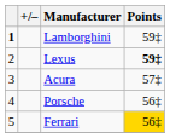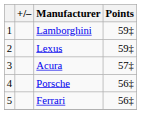 <table class="wikitable" style="font-size: 95%;">
 <tr>
 <th scope="col"></th>
 <th scope="col">+/–</th>
 <th scope="col">Manufacturer</th>
 <th scope="col">Points</th>
 </tr>
 <tr>
-<td align=center><strong>1</strong></td>
+<td align=center>1</td>
 <td align="left"></td>
 <td> <a href='#'>Lamborghini</a></td>
 <td align=right>59‡</td>
 </tr>
 <tr>
 <td align=center>2</td>
 <td align="left"></td>
 <td> <a href='#'>Lexus</a></td>
-<td align=right><strong>59‡</strong></td>
+<td align=right>59‡</td>
 </tr>
 <tr>
 <td align=center>3</td>
 <td align="left"></td>
 <td> <a href='#'>Acura</a></td>
 <td align=right>57‡</td>
 </tr>
 <tr>
 <td align=center>4</td>
 <td align="left"></td>
 <td> <a href='#'>Porsche</a></td>
 <td align=right>56‡</td>
 </tr>
 <tr>
 <td align=center>5</td>
 <td align="left"></td>
 <td> <a href='#'>Ferrari</a></td>
-<td align=right style="background: gold;">56‡</td>
+<td align=right>56‡</td>
 </tr>
 <tr>
 </tr>
 </table>
